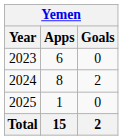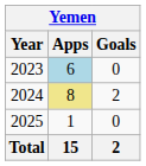 <table class="wikitable" style="text-align:center">
 <tr>
 <th colspan=3><a href='#'>Yemen</a></th>
 </tr>
 <tr>
 <th>Year</th>
 <th>Apps</th>
 <th>Goals</th>
 </tr>
 <tr>
 <td>2023</td>
-<td>6</td>
+<td style="background: lightblue;">6</td>
 <td>0</td>
 </tr>
 <tr>
 <td>2024</td>
-<td>8</td>
+<td style="background: khaki;">8</td>
 <td>2</td>
 </tr>
 <tr>
 <td>2025</td>
 <td>1</td>
 <td>0</td>
 </tr>
 <tr>
 <th>Total</th>
 <th>15</th>
 <th>2</th>
 </tr>
 </table>
